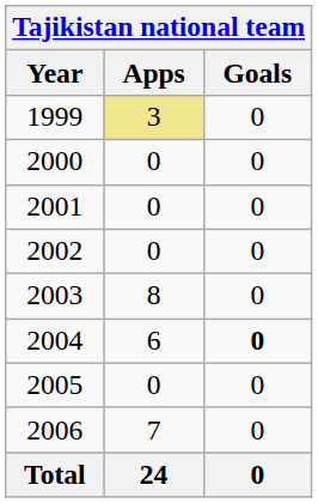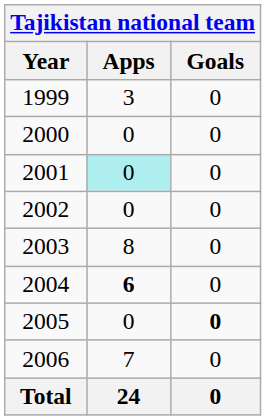 <table class="wikitable" style="text-align:center">
 <tr>
 <th colspan=3><a href='#'>Tajikistan national team</a></th>
 </tr>
 <tr>
 <th>Year</th>
 <th>Apps</th>
 <th>Goals</th>
 </tr>
 <tr>
 <td>1999</td>
-<td style="background: khaki;">3</td>
+<td>3</td>
 <td>0</td>
 </tr>
 <tr>
 <td>2000</td>
 <td>0</td>
 <td>0</td>
 </tr>
 <tr>
 <td>2001</td>
-<td>0</td>
+<td style="background: paleturquoise;">0</td>
 <td>0</td>
 </tr>
 <tr>
 <td>2002</td>
 <td>0</td>
 <td>0</td>
 </tr>
 <tr>
 <td>2003</td>
 <td>8</td>
 <td>0</td>
 </tr>
 <tr>
 <td>2004</td>
-<td>6</td>
-<td><strong>0</strong></td>
+<td><strong>6</strong></td>
+<td>0</td>
 </tr>
 <tr>
 <td>2005</td>
 <td>0</td>
-<td>0</td>
+<td><strong>0</strong></td>
 </tr>
 <tr>
 <td>2006</td>
 <td>7</td>
 <td>0</td>
 </tr>
 <tr>
 <th>Total</th>
 <th>24</th>
 <th>0</th>
 </tr>
 </table>
